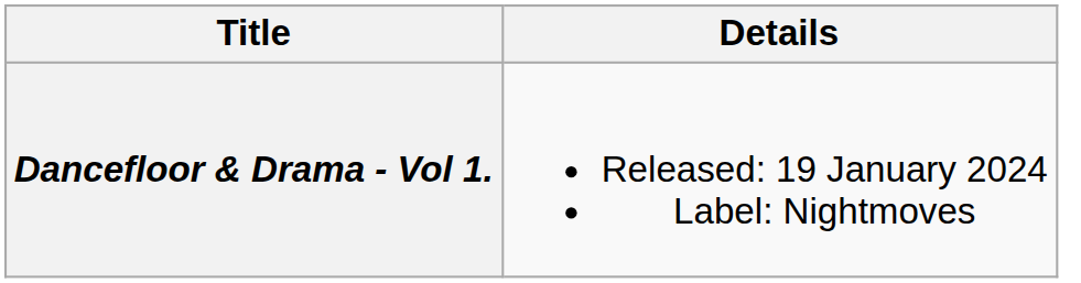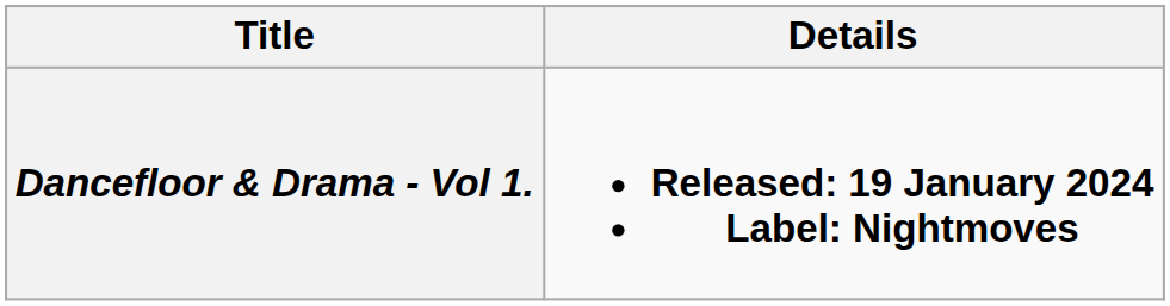 <table class="wikitable plainrowheaders" style="text-align:center;" border="1">
 <tr>
 <th>Title</th>
 <th>Details</th>
 </tr>
 <tr>
 <th scope="row"><em>Dancefloor & Drama - Vol 1.</em></th>
-<td><br><ul><li>Released: 19 January 2024</li><li>Label: Nightmoves</li></ul></td>
+<td><strong><br><ul><li>Released: 19 January 2024</li><li>Label: Nightmoves</li></ul></strong></td>
 </tr>
 </table>
